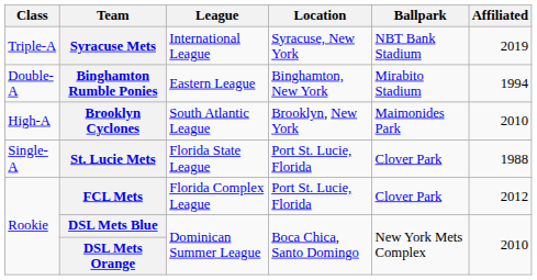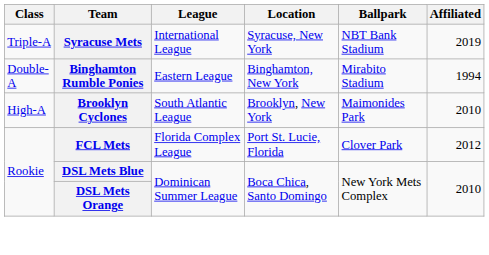 <table class="wikitable plainrowheaders sortable">
 <tr>
 <th scope="col">Class</th>
 <th scope="col">Team</th>
 <th scope="col">League</th>
 <th scope="col">Location</th>
 <th scope="col">Ballpark</th>
 <th scope="col">Affiliated</th>
 </tr>
 <tr>
 <td><a href='#'>Triple-A</a></td>
 <th scope="row"><a href='#'>Syracuse Mets</a></th>
 <td><a href='#'>International League</a></td>
 <td><a href='#'>Syracuse, New York</a></td>
 <td><a href='#'>NBT Bank Stadium</a></td>
 <td align="right">2019</td>
 </tr>
 <tr>
 <td><a href='#'>Double-A</a></td>
 <th scope="row"><a href='#'>Binghamton Rumble Ponies</a></th>
 <td><a href='#'>Eastern League</a></td>
 <td><a href='#'>Binghamton, New York</a></td>
 <td><a href='#'>Mirabito Stadium</a></td>
 <td align="right">1994</td>
 </tr>
 <tr>
 <td><a href='#'>High-A</a></td>
 <th scope="row"><a href='#'>Brooklyn Cyclones</a></th>
 <td><a href='#'>South Atlantic League</a></td>
 <td><a href='#'>Brooklyn</a>, <a href='#'>New York</a></td>
 <td><a href='#'>Maimonides Park</a></td>
 <td align="right">2010</td>
 </tr>
 <tr>
-<td><a href='#'>Single-A</a></td>
-<th scope="row"><a href='#'>St. Lucie Mets</a></th>
-<td><a href='#'>Florida State League</a></td>
-<td><a href='#'>Port St. Lucie, Florida</a></td>
-<td><a href='#'>Clover Park</a></td>
-<td align="right">1988</td>
-</tr>
-<tr>
 <td rowspan=3><a href='#'>Rookie</a></td>
 <th scope="row"><a href='#'>FCL Mets</a></th>
 <td><a href='#'>Florida Complex League</a></td>
 <td><a href='#'>Port St. Lucie, Florida</a></td>
 <td><a href='#'>Clover Park</a></td>
 <td align="right">2012</td>
 </tr>
 <tr>
 <th scope="row"><a href='#'>DSL Mets Blue</a></th>
 <td rowspan=2><a href='#'>Dominican Summer League</a></td>
 <td rowspan=2><a href='#'>Boca Chica</a>, <a href='#'>Santo Domingo</a></td>
 <td rowspan=2>New York Mets Complex</td>
 <td rowspan=2 align="right">2010</td>
 </tr>
 <tr>
 <th scope="row"><a href='#'>DSL Mets Orange</a></th>
 </tr>
 </table>
